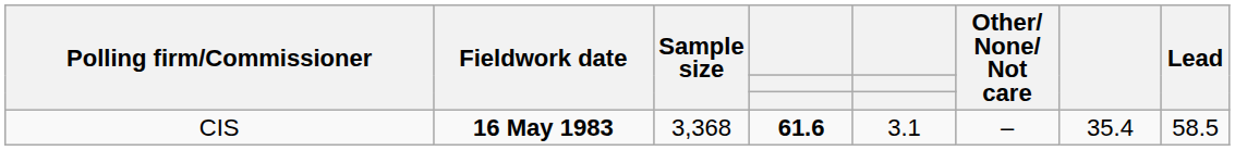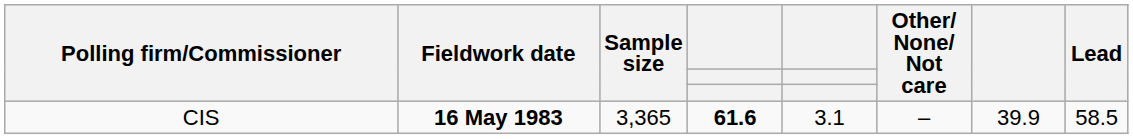 <table class="wikitable collapsible collapsed" style="text-align:center; font-size:90%; line-height:14px;">
 <tr style="height:42px;">
 <th style="width:250px;" rowspan="3">Polling firm/Commissioner</th>
 <th style="width:125px;" rowspan="3">Fieldwork date</th>
 <th style="width:50px;" rowspan="3">Sample size</th>
 <th style="width:55px;"></th>
 <th style="width:55px;"></th>
 <th style="width:55px;" rowspan="3">Other/<br>None/<br>Not<br>care</th>
 <th style="width:55px;" rowspan="3"></th>
 <th style="width:30px;" rowspan="3">Lead</th>
 </tr>
 <tr>
 <th style="color:inherit;background:"></th>
 <th style="color:inherit;background:"></th>
 </tr>
 <tr>
 <th></th>
 <th></th>
 </tr>
 <tr>
 <td>CIS</td>
 <td><strong>16 May 1983</strong></td>
-<td>3,368</td>
+<td>3,365</td>
 <td><strong>61.6</strong></td>
 <td>3.1</td>
 <td>–</td>
-<td>35.4</td>
+<td>39.9</td>
 <td style="background:">58.5</td>
 </tr>
 </table>
